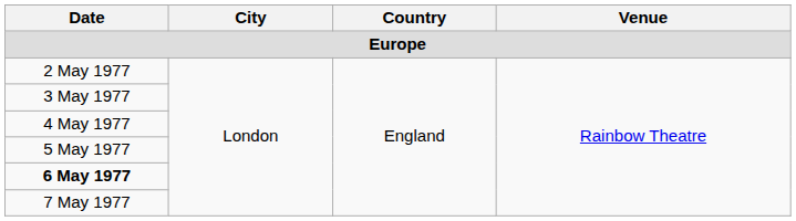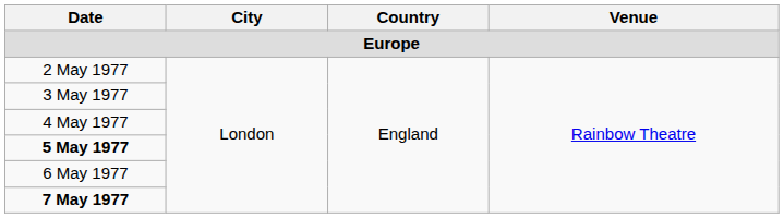 <table class="wikitable" style="text-align:center;">
 <tr>
 <th width="150">Date</th>
 <th width="150">City</th>
 <th width="150">Country</th>
 <th width="275">Venue</th>
 </tr>
 <tr style="background:#ddd;">
 <td colspan="4"><strong>Europe</strong></td>
 </tr>
 <tr>
 <td>2 May 1977</td>
 <td rowspan="6">London</td>
 <td rowspan="6">England</td>
 <td rowspan="6"><a href='#'>Rainbow Theatre</a></td>
 </tr>
 <tr>
 <td>3 May 1977</td>
 </tr>
 <tr>
 <td>4 May 1977</td>
 </tr>
 <tr>
-<td>5 May 1977</td>
+<td><strong>5 May 1977</strong></td>
 </tr>
 <tr>
-<td><strong>6 May 1977</strong></td>
+<td>6 May 1977</td>
 </tr>
 <tr>
-<td>7 May 1977</td>
+<td><strong>7 May 1977</strong></td>
 </tr>
 </table>
